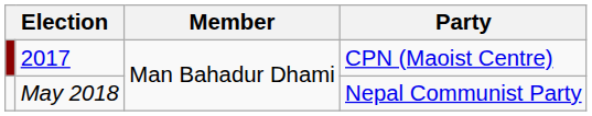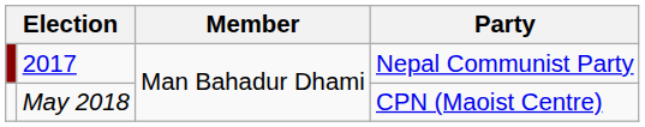 <table class="wikitable">
 <tr>
 <th colspan="2">Election</th>
 <th>Member</th>
 <th>Party</th>
 </tr>
 <tr>
 <td style="background-color:darkred"></td>
 <td><a href='#'>2017</a></td>
 <td rowspan="2">Man Bahadur Dhami</td>
-<td><a href='#'>CPN (Maoist Centre)</a></td>
+<td><a href='#'>Nepal Communist Party</a></td>
 </tr>
 <tr>
 <td style="background-color:"></td>
 <td><em>May 2018</em></td>
-<td><a href='#'>Nepal Communist Party</a></td>
+<td><a href='#'>CPN (Maoist Centre)</a></td>
 </tr>
 </table>
